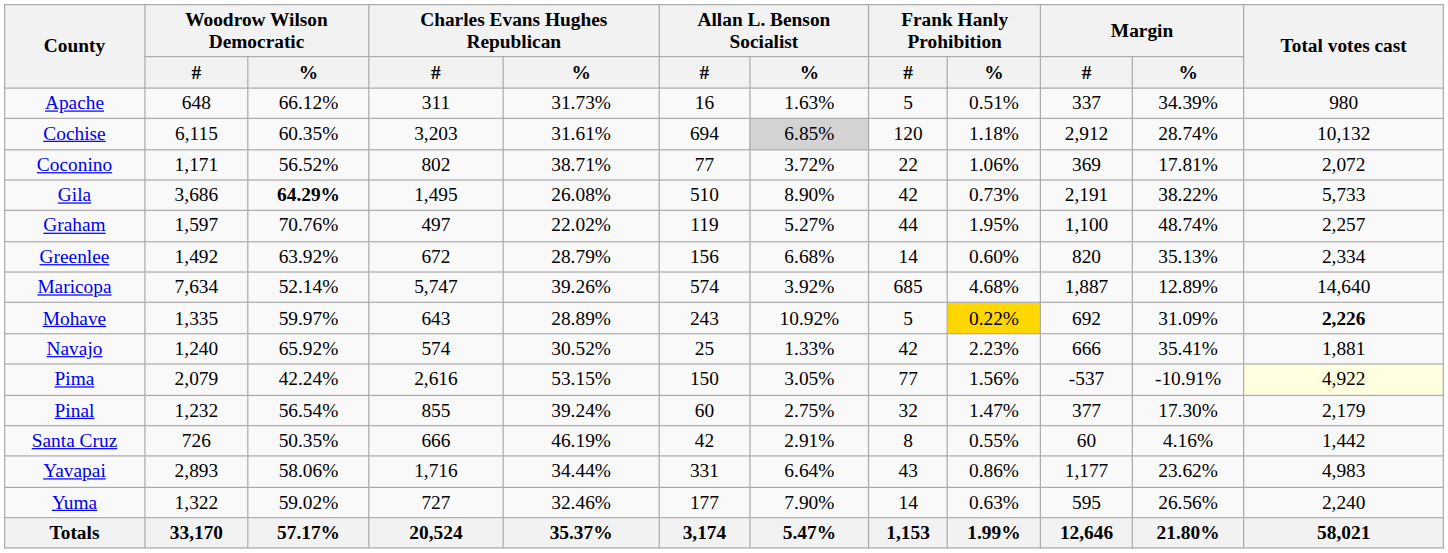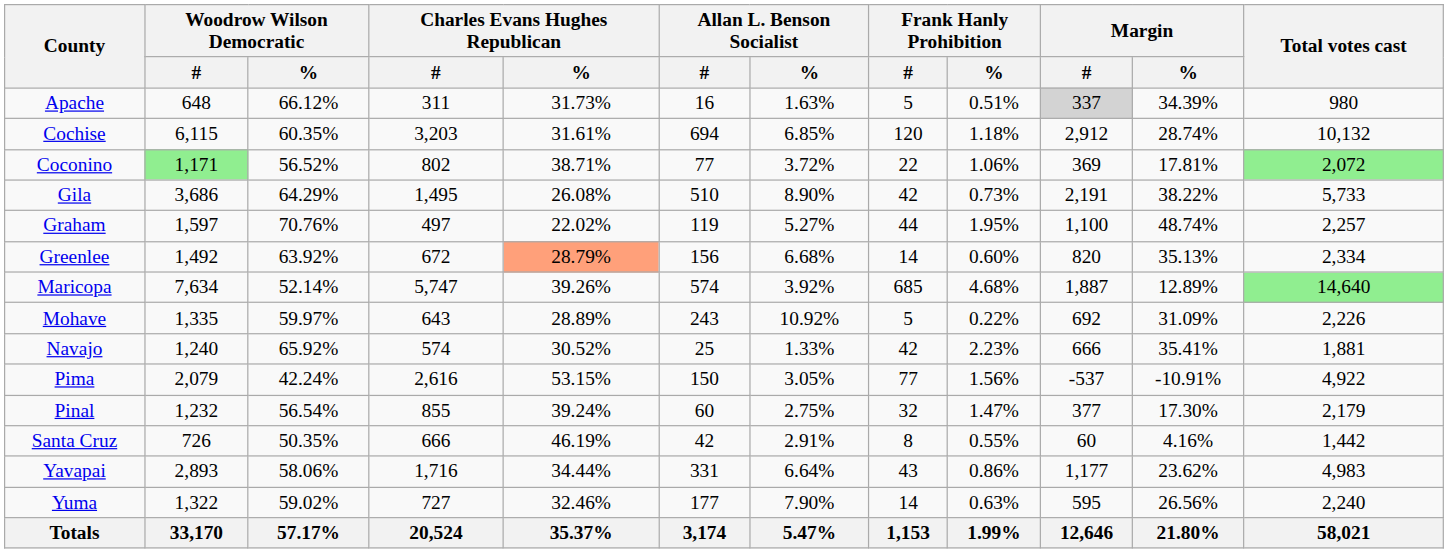 <table width="60%" class="wikitable sortable" style="text-align:center">
 <tr>
 <th style="text-align:center;" rowspan="2">County</th>
 <th style="text-align:center;" colspan="2">Woodrow Wilson<br>Democratic</th>
 <th style="text-align:center;" colspan="2">Charles Evans Hughes<br>Republican</th>
 <th style="text-align:center;" colspan="2">Allan L. Benson<br>Socialist</th>
 <th style="text-align:center;" colspan="2">Frank Hanly<br>Prohibition</th>
 <th style="text-align:center;" colspan="2">Margin</th>
 <th style="text-align:center;" rowspan="2">Total votes cast</th>
 </tr>
 <tr>
 <th style="text-align:center;" data-sort-type="number">#</th>
 <th style="text-align:center;" data-sort-type="number">%</th>
 <th style="text-align:center;" data-sort-type="number">#</th>
 <th style="text-align:center;" data-sort-type="number">%</th>
 <th style="text-align:center;" data-sort-type="number">#</th>
 <th style="text-align:center;" data-sort-type="number">%</th>
 <th style="text-align:center;" data-sort-type="number">#</th>
 <th style="text-align:center;" data-sort-type="number">%</th>
 <th style="text-align:center;" data-sort-type="number">#</th>
 <th style="text-align:center;" data-sort-type="number">%</th>
 </tr>
 <tr style="text-align:center;">
 <td><a href='#'>Apache</a></td>
 <td>648</td>
 <td>66.12%</td>
 <td>311</td>
 <td>31.73%</td>
 <td>16</td>
 <td>1.63%</td>
 <td>5</td>
 <td>0.51%</td>
-<td>337</td>
+<td style="background: lightgrey;">337</td>
 <td>34.39%</td>
 <td>980</td>
 </tr>
 <tr style="text-align:center;">
 <td><a href='#'>Cochise</a></td>
 <td>6,115</td>
 <td>60.35%</td>
 <td>3,203</td>
 <td>31.61%</td>
 <td>694</td>
-<td style="background: lightgrey;">6.85%</td>
+<td>6.85%</td>
 <td>120</td>
 <td>1.18%</td>
 <td>2,912</td>
 <td>28.74%</td>
 <td>10,132</td>
 </tr>
 <tr style="text-align:center;">
 <td><a href='#'>Coconino</a></td>
-<td>1,171</td>
+<td style="background: lightgreen;">1,171</td>
 <td>56.52%</td>
 <td>802</td>
 <td>38.71%</td>
 <td>77</td>
 <td>3.72%</td>
 <td>22</td>
 <td>1.06%</td>
 <td>369</td>
 <td>17.81%</td>
-<td>2,072</td>
+<td style="background: lightgreen;">2,072</td>
 </tr>
 <tr style="text-align:center;">
 <td><a href='#'>Gila</a></td>
 <td>3,686</td>
-<td><strong>64.29%</strong></td>
+<td>64.29%</td>
 <td>1,495</td>
 <td>26.08%</td>
 <td>510</td>
 <td>8.90%</td>
 <td>42</td>
 <td>0.73%</td>
 <td>2,191</td>
 <td>38.22%</td>
 <td>5,733</td>
 </tr>
 <tr style="text-align:center;">
 <td><a href='#'>Graham</a></td>
 <td>1,597</td>
 <td>70.76%</td>
 <td>497</td>
 <td>22.02%</td>
 <td>119</td>
 <td>5.27%</td>
 <td>44</td>
 <td>1.95%</td>
 <td>1,100</td>
 <td>48.74%</td>
 <td>2,257</td>
 </tr>
 <tr style="text-align:center;">
 <td><a href='#'>Greenlee</a></td>
 <td>1,492</td>
 <td>63.92%</td>
 <td>672</td>
-<td>28.79%</td>
+<td style="background: lightsalmon;">28.79%</td>
 <td>156</td>
 <td>6.68%</td>
 <td>14</td>
 <td>0.60%</td>
 <td>820</td>
 <td>35.13%</td>
 <td>2,334</td>
 </tr>
 <tr style="text-align:center;">
 <td><a href='#'>Maricopa</a></td>
 <td>7,634</td>
 <td>52.14%</td>
 <td>5,747</td>
 <td>39.26%</td>
 <td>574</td>
 <td>3.92%</td>
 <td>685</td>
 <td>4.68%</td>
 <td>1,887</td>
 <td>12.89%</td>
-<td>14,640</td>
+<td style="background: lightgreen;">14,640</td>
 </tr>
 <tr style="text-align:center;">
 <td><a href='#'>Mohave</a></td>
 <td>1,335</td>
 <td>59.97%</td>
 <td>643</td>
 <td>28.89%</td>
 <td>243</td>
 <td>10.92%</td>
 <td>5</td>
-<td style="background: gold;">0.22%</td>
+<td>0.22%</td>
 <td>692</td>
 <td>31.09%</td>
-<td><strong>2,226</strong></td>
+<td>2,226</td>
 </tr>
 <tr style="text-align:center;">
 <td><a href='#'>Navajo</a></td>
 <td>1,240</td>
 <td>65.92%</td>
 <td>574</td>
 <td>30.52%</td>
 <td>25</td>
 <td>1.33%</td>
 <td>42</td>
 <td>2.23%</td>
 <td>666</td>
 <td>35.41%</td>
 <td>1,881</td>
 </tr>
 <tr style="text-align:center;">
 <td><a href='#'>Pima</a></td>
 <td>2,079</td>
 <td>42.24%</td>
 <td>2,616</td>
 <td>53.15%</td>
 <td>150</td>
 <td>3.05%</td>
 <td>77</td>
 <td>1.56%</td>
 <td>-537</td>
 <td>-10.91%</td>
-<td style="background: lightyellow;">4,922</td>
+<td>4,922</td>
 </tr>
 <tr style="text-align:center;">
 <td><a href='#'>Pinal</a></td>
 <td>1,232</td>
 <td>56.54%</td>
 <td>855</td>
 <td>39.24%</td>
 <td>60</td>
 <td>2.75%</td>
 <td>32</td>
 <td>1.47%</td>
 <td>377</td>
 <td>17.30%</td>
 <td>2,179</td>
 </tr>
 <tr style="text-align:center;">
 <td><a href='#'>Santa Cruz</a></td>
 <td>726</td>
 <td>50.35%</td>
 <td>666</td>
 <td>46.19%</td>
 <td>42</td>
 <td>2.91%</td>
 <td>8</td>
 <td>0.55%</td>
 <td>60</td>
 <td>4.16%</td>
 <td>1,442</td>
 </tr>
 <tr style="text-align:center;">
 <td><a href='#'>Yavapai</a></td>
 <td>2,893</td>
 <td>58.06%</td>
 <td>1,716</td>
 <td>34.44%</td>
 <td>331</td>
 <td>6.64%</td>
 <td>43</td>
 <td>0.86%</td>
 <td>1,177</td>
 <td>23.62%</td>
 <td>4,983</td>
 </tr>
 <tr style="text-align:center;">
 <td><a href='#'>Yuma</a></td>
 <td>1,322</td>
 <td>59.02%</td>
 <td>727</td>
 <td>32.46%</td>
 <td>177</td>
 <td>7.90%</td>
 <td>14</td>
 <td>0.63%</td>
 <td>595</td>
 <td>26.56%</td>
 <td>2,240</td>
 </tr>
 <tr style="text-align:center;">
 <th>Totals</th>
 <th>33,170</th>
 <th>57.17%</th>
 <th>20,524</th>
 <th>35.37%</th>
 <th>3,174</th>
 <th>5.47%</th>
 <th>1,153</th>
 <th>1.99%</th>
 <th>12,646</th>
 <th>21.80%</th>
 <th>58,021</th>
 </tr>
 </table>
